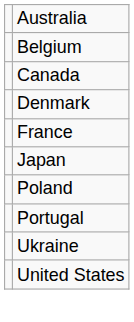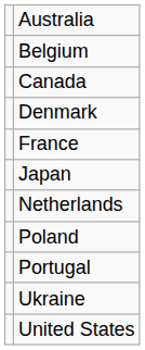 <table class="wikitable">
 <tr>
 <td></td>
 <td>Australia</td>
 </tr>
 <tr>
 <td></td>
 <td>Belgium</td>
 </tr>
 <tr>
 <td></td>
 <td>Canada</td>
 </tr>
 <tr>
 <td></td>
 <td>Denmark</td>
 </tr>
 <tr>
 <td></td>
 <td>France</td>
 </tr>
 <tr>
 <td></td>
 <td>Japan</td>
 </tr>
 <tr>
 <td></td>
+<td>Netherlands</td>
+</tr>
+<tr>
+<td></td>
 <td>Poland</td>
 </tr>
 <tr>
 <td></td>
 <td>Portugal</td>
 </tr>
 <tr>
 <td></td>
 <td>Ukraine</td>
 </tr>
 <tr>
 <td></td>
 <td>United States</td>
 </tr>
 </table>
